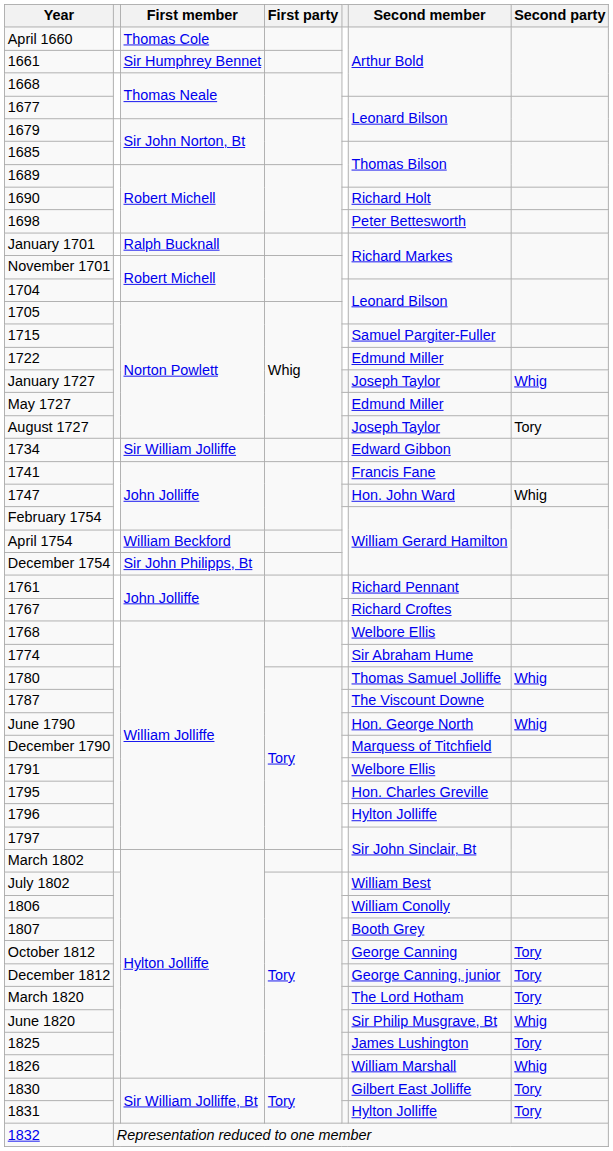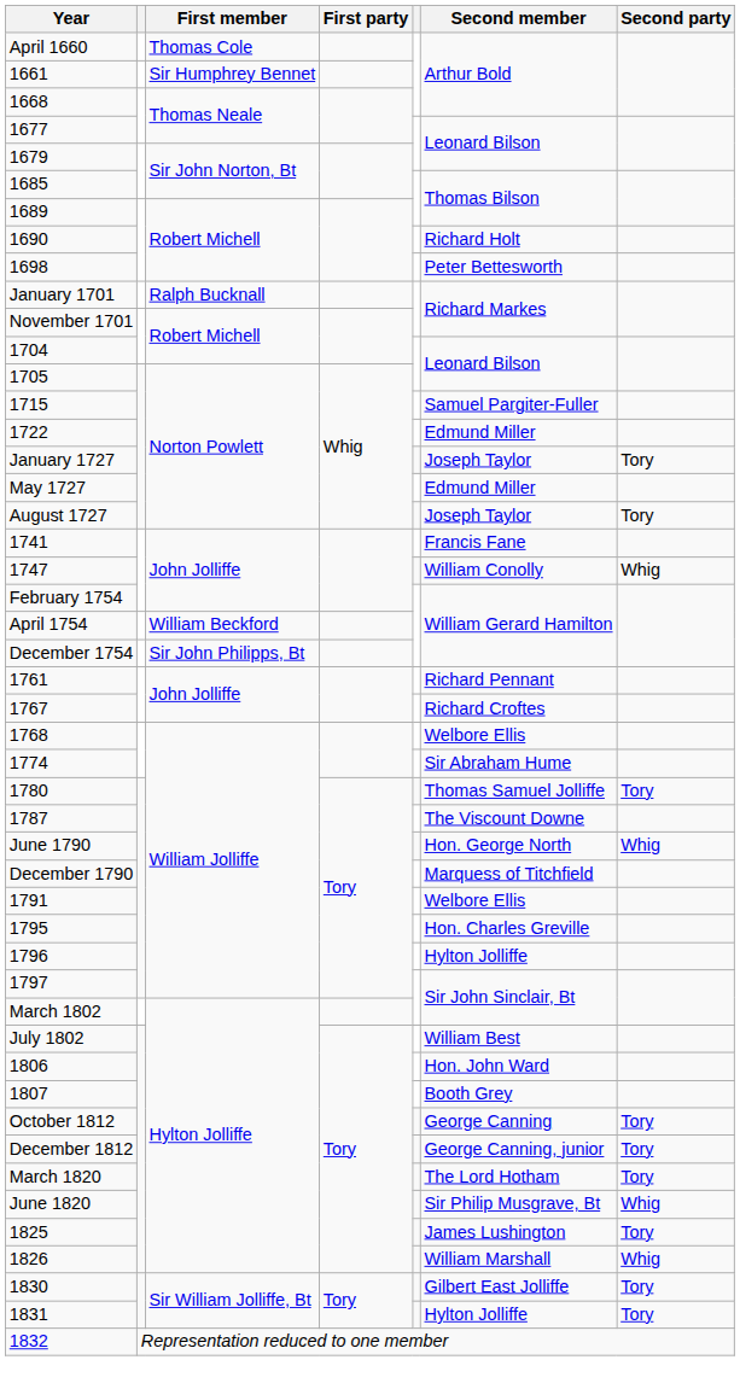 <table class="wikitable">
 <tr>
 <th>Year</th>
 <th></th>
 <th>First member</th>
 <th>First party</th>
 <th></th>
 <th>Second member</th>
 <th>Second party</th>
 </tr>
 <tr>
 <td>April 1660</td>
 <td style="color:inherit;background-color: white"></td>
 <td><a href='#'>Thomas Cole</a></td>
 <td></td>
 <td rowspan="3" style="color:inherit;background-color: white"></td>
 <td rowspan="3"><a href='#'>Arthur Bold</a></td>
 <td rowspan="3"></td>
 </tr>
 <tr>
 <td>1661</td>
 <td style="color:inherit;background-color: white"></td>
 <td><a href='#'>Sir Humphrey Bennet</a></td>
 <td></td>
 </tr>
 <tr>
 <td>1668</td>
 <td rowspan="2" style="color:inherit;background-color: white"></td>
 <td rowspan="2"><a href='#'>Thomas Neale</a></td>
 <td rowspan="2"></td>
 </tr>
 <tr>
 <td>1677</td>
 <td rowspan="2" style="color:inherit;background-color: white"></td>
 <td rowspan="2"><a href='#'>Leonard Bilson</a></td>
 <td rowspan="2"></td>
 </tr>
 <tr>
 <td>1679</td>
 <td rowspan="2" style="color:inherit;background-color: white"></td>
 <td rowspan="2"><a href='#'>Sir John Norton, Bt</a></td>
 <td rowspan="2"></td>
 </tr>
 <tr>
 <td>1685</td>
 <td rowspan="2" style="color:inherit;background-color: white"></td>
 <td rowspan="2"><a href='#'>Thomas Bilson</a></td>
 <td rowspan="2"></td>
 </tr>
 <tr>
 <td>1689</td>
 <td rowspan="3" style="color:inherit;background-color: white"></td>
 <td rowspan="3"><a href='#'>Robert Michell</a></td>
 <td rowspan="3"></td>
 </tr>
 <tr>
 <td>1690</td>
 <td style="color:inherit;background-color: white"></td>
 <td><a href='#'>Richard Holt</a></td>
 <td></td>
 </tr>
 <tr>
 <td>1698</td>
 <td style="color:inherit;background-color: white"></td>
 <td><a href='#'>Peter Bettesworth</a></td>
 <td></td>
 </tr>
 <tr>
 <td>January 1701</td>
 <td style="color:inherit;background-color: white"></td>
 <td><a href='#'>Ralph Bucknall</a></td>
 <td></td>
 <td rowspan="2" style="color:inherit;background-color: white"></td>
 <td rowspan="2"><a href='#'>Richard Markes</a></td>
 <td rowspan="2"></td>
 </tr>
 <tr>
 <td>November 1701</td>
 <td rowspan="2" style="color:inherit;background-color: white"></td>
 <td rowspan="2"><a href='#'>Robert Michell</a></td>
 <td rowspan="2"></td>
 </tr>
 <tr>
 <td>1704</td>
 <td rowspan="2" style="color:inherit;background-color: white"></td>
 <td rowspan="2"><a href='#'>Leonard Bilson</a></td>
 <td rowspan="2"></td>
 </tr>
 <tr>
 <td>1705</td>
 <td rowspan="6" style="color:inherit;background-color: "></td>
 <td rowspan="6"><a href='#'>Norton Powlett</a></td>
 <td rowspan="6">Whig</td>
 </tr>
 <tr>
 <td>1715</td>
 <td style="color:inherit;background-color: white"></td>
 <td><a href='#'>Samuel Pargiter-Fuller</a></td>
 <td></td>
 </tr>
 <tr>
 <td>1722</td>
 <td style="color:inherit;background-color: white"></td>
 <td><a href='#'>Edmund Miller</a></td>
 <td></td>
 </tr>
 <tr>
 <td>January 1727</td>
 <td style="color:inherit;background-color: "></td>
 <td><a href='#'>Joseph Taylor</a></td>
-<td><a href='#'>Whig</a></td>
+<td>Tory</td>
 </tr>
 <tr>
 <td>May 1727</td>
 <td style="color:inherit;background-color: white"></td>
 <td><a href='#'>Edmund Miller</a></td>
 <td></td>
 </tr>
 <tr>
 <td>August 1727</td>
 <td style="color:inherit;background-color: "></td>
 <td><a href='#'>Joseph Taylor</a></td>
 <td>Tory</td>
 </tr>
 <tr>
-<td>1734</td>
-<td style="color:inherit;background-color: white"></td>
-<td><a href='#'>Sir William Jolliffe</a></td>
-<td></td>
-<td style="color:inherit;background-color: white"></td>
-<td><a href='#'>Edward Gibbon</a></td>
-<td></td>
-</tr>
-<tr>
 <td>1741</td>
 <td rowspan="3" style="color:inherit;background-color: white"></td>
 <td rowspan="3"><a href='#'>John Jolliffe</a></td>
 <td rowspan="3"></td>
 <td style="color:inherit;background-color: white"></td>
 <td><a href='#'>Francis Fane</a></td>
 <td></td>
 </tr>
 <tr>
 <td>1747</td>
 <td style="color:inherit;background-color: "></td>
-<td><a href='#'>Hon. John Ward</a></td>
+<td><a href='#'>William Conolly</a></td>
 <td>Whig</td>
 </tr>
 <tr>
 <td>February 1754</td>
 <td rowspan="3" style="color:inherit;background-color: white"></td>
 <td rowspan="3"><a href='#'>William Gerard Hamilton</a></td>
 <td rowspan="3"></td>
 </tr>
 <tr>
 <td>April 1754</td>
 <td style="color:inherit;background-color: white"></td>
 <td><a href='#'>William Beckford</a></td>
 <td></td>
 </tr>
 <tr>
 <td>December 1754</td>
 <td style="color:inherit;background-color: white"></td>
 <td><a href='#'>Sir John Philipps, Bt</a></td>
 <td></td>
 </tr>
 <tr>
 <td>1761</td>
 <td rowspan="2" style="color:inherit;background-color: white"></td>
 <td rowspan="2"><a href='#'>John Jolliffe</a></td>
 <td rowspan="2"></td>
 <td style="color:inherit;background-color: white"></td>
 <td><a href='#'>Richard Pennant</a></td>
 <td></td>
 </tr>
 <tr>
 <td>1767</td>
 <td style="color:inherit;background-color: white"></td>
 <td><a href='#'>Richard Croftes</a></td>
 <td></td>
 </tr>
 <tr>
 <td>1768</td>
 <td rowspan="2" style="color:inherit;background-color: white"></td>
 <td rowspan="10"><a href='#'>William Jolliffe</a></td>
 <td rowspan="2"></td>
 <td style="color:inherit;background-color: white"></td>
 <td><a href='#'>Welbore Ellis</a></td>
 <td></td>
 </tr>
 <tr>
 <td>1774</td>
 <td style="color:inherit;background-color: white"></td>
 <td><a href='#'>Sir Abraham Hume</a></td>
 <td></td>
 </tr>
 <tr>
 <td>1780</td>
 <td rowspan="8" style="color:inherit;background-color: "></td>
 <td rowspan="8"><a href='#'>Tory</a></td>
 <td style="color:inherit;background-color: "></td>
 <td><a href='#'>Thomas Samuel Jolliffe</a></td>
-<td><a href='#'>Whig</a></td>
+<td><a href='#'>Tory</a></td>
 </tr>
 <tr>
 <td>1787</td>
 <td style="color:inherit;background-color: white"></td>
 <td><a href='#'>The Viscount Downe</a></td>
 <td></td>
 </tr>
 <tr>
 <td>June 1790</td>
 <td style="color:inherit;background-color: "></td>
 <td><a href='#'>Hon. George North</a></td>
 <td><a href='#'>Whig</a></td>
 </tr>
 <tr>
 <td>December 1790</td>
 <td style="color:inherit;background-color: white"></td>
 <td><a href='#'>Marquess of Titchfield</a></td>
 <td></td>
 </tr>
 <tr>
 <td>1791</td>
 <td style="color:inherit;background-color: white"></td>
 <td><a href='#'>Welbore Ellis</a></td>
 <td></td>
 </tr>
 <tr>
 <td>1795</td>
 <td style="color:inherit;background-color: white"></td>
 <td><a href='#'>Hon. Charles Greville</a></td>
 <td></td>
 </tr>
 <tr>
 <td>1796</td>
 <td style="color:inherit;background-color: white"></td>
 <td><a href='#'>Hylton Jolliffe</a></td>
 <td></td>
 </tr>
 <tr>
 <td>1797</td>
 <td rowspan="2" style="color:inherit;background-color: white"></td>
 <td rowspan="2"><a href='#'>Sir John Sinclair, Bt</a></td>
 <td rowspan="2"></td>
 </tr>
 <tr>
 <td>March 1802</td>
 <td style="color:inherit;background-color: white"></td>
 <td rowspan="10"><a href='#'>Hylton Jolliffe</a></td>
 <td></td>
 </tr>
 <tr>
 <td>July 1802</td>
 <td rowspan="9" style="color:inherit;background-color: "></td>
 <td rowspan="9"><a href='#'>Tory</a></td>
 <td style="color:inherit;background-color: white"></td>
 <td><a href='#'>William Best</a></td>
 <td></td>
 </tr>
 <tr>
 <td>1806</td>
 <td style="color:inherit;background-color: white"></td>
-<td><a href='#'>William Conolly</a></td>
+<td><a href='#'>Hon. John Ward</a></td>
 <td></td>
 </tr>
 <tr>
 <td>1807</td>
 <td style="color:inherit;background-color: white"></td>
 <td><a href='#'>Booth Grey</a></td>
 <td></td>
 </tr>
 <tr>
 <td>October 1812</td>
 <td style="color:inherit;background-color: "></td>
 <td><a href='#'>George Canning</a></td>
 <td><a href='#'>Tory</a></td>
 </tr>
 <tr>
 <td>December 1812</td>
 <td style="color:inherit;background-color: "></td>
 <td><a href='#'>George Canning, junior</a></td>
 <td><a href='#'>Tory</a></td>
 </tr>
 <tr>
 <td>March 1820</td>
 <td style="color:inherit;background-color: "></td>
 <td><a href='#'>The Lord Hotham</a></td>
 <td><a href='#'>Tory</a></td>
 </tr>
 <tr>
 <td>June 1820</td>
 <td style="color:inherit;background-color: "></td>
 <td><a href='#'>Sir Philip Musgrave, Bt</a></td>
 <td><a href='#'>Whig</a></td>
 </tr>
 <tr>
 <td>1825</td>
 <td style="color:inherit;background-color: "></td>
 <td><a href='#'>James Lushington</a></td>
 <td><a href='#'>Tory</a></td>
 </tr>
 <tr>
 <td>1826</td>
 <td style="color:inherit;background-color: "></td>
 <td><a href='#'>William Marshall</a></td>
 <td><a href='#'>Whig</a></td>
 </tr>
 <tr>
 <td>1830</td>
 <td rowspan="2" style="color:inherit;background-color: "></td>
 <td rowspan="2"><a href='#'>Sir William Jolliffe, Bt</a></td>
 <td rowspan="2"><a href='#'>Tory</a></td>
 <td style="color:inherit;background-color: "></td>
 <td><a href='#'>Gilbert East Jolliffe</a></td>
 <td><a href='#'>Tory</a></td>
 </tr>
 <tr>
 <td>1831</td>
 <td style="color:inherit;background-color: "></td>
 <td><a href='#'>Hylton Jolliffe</a></td>
 <td><a href='#'>Tory</a></td>
 </tr>
 <tr>
 <td><a href='#'>1832</a></td>
 <td colspan="6"><em>Representation reduced to one member</em></td>
 </tr>
 </table>
